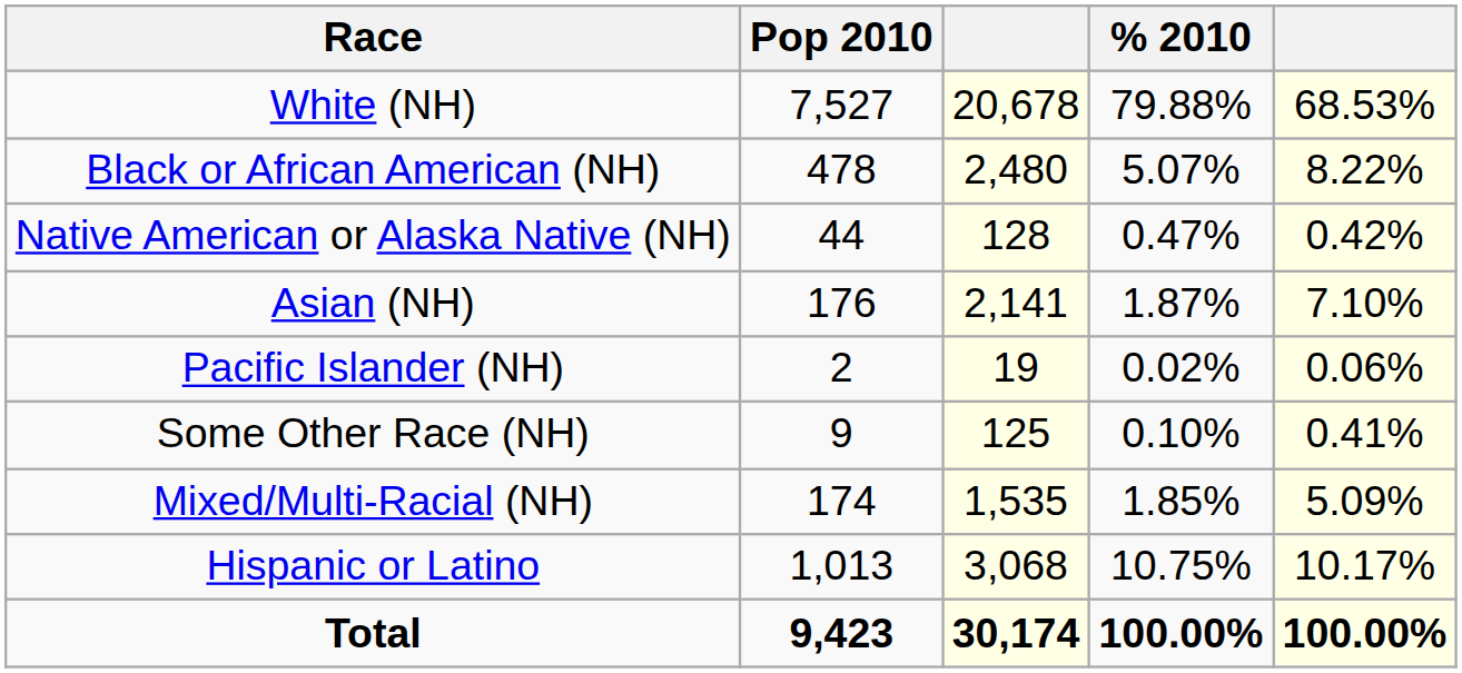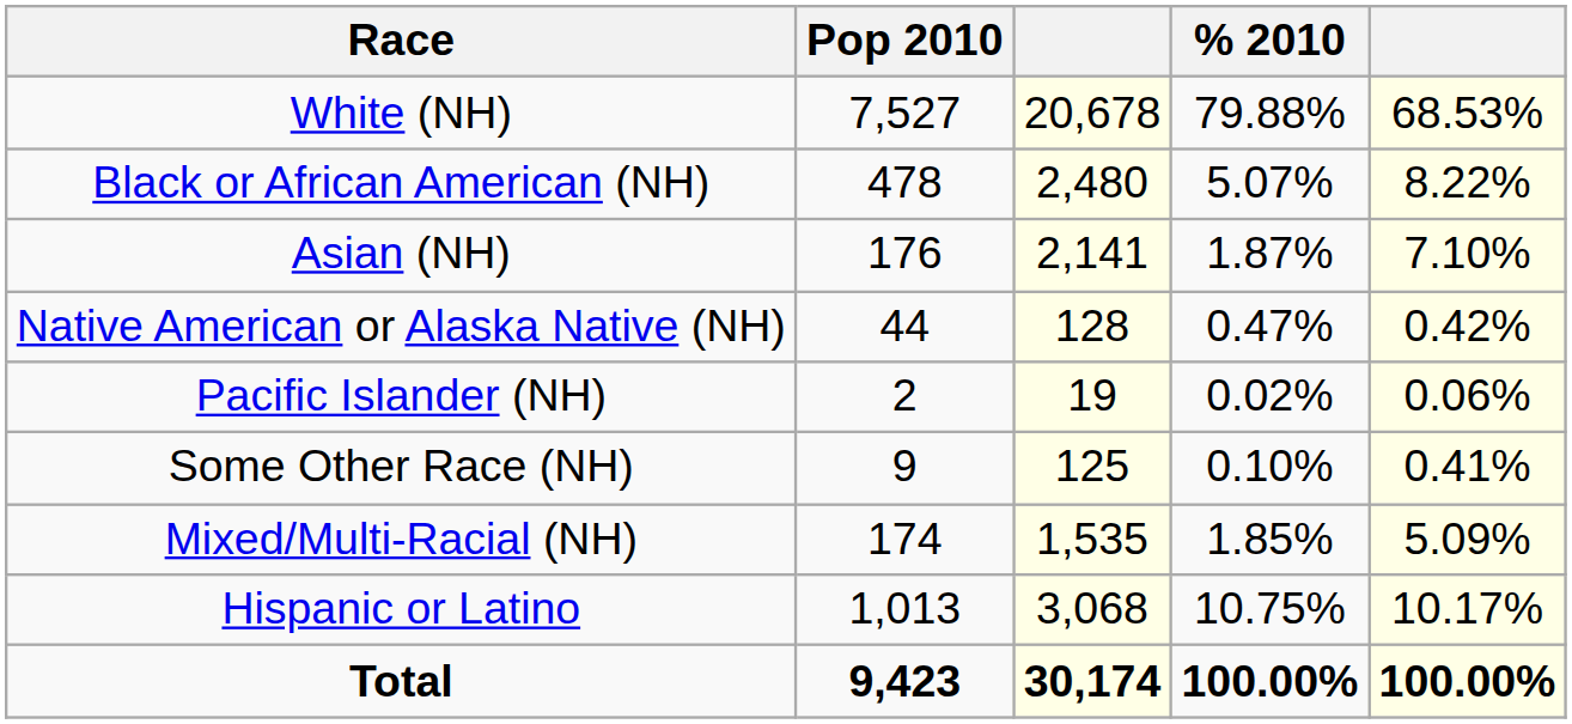 <table class="wikitable" style="text-align:center;">
 <tr>
 <th>Race</th>
 <th>Pop 2010</th>
 <th></th>
 <th>% 2010</th>
 <th></th>
 </tr>
 <tr>
 <td><a href='#'>White</a> (NH)</td>
 <td>7,527</td>
 <td style='background: #ffffe6;'>20,678</td>
 <td>79.88%</td>
 <td style='background: #ffffe6;'>68.53%</td>
 </tr>
 <tr>
 <td><a href='#'>Black or African American</a> (NH)</td>
 <td>478</td>
 <td style='background: #ffffe6;'>2,480</td>
 <td>5.07%</td>
 <td style='background: #ffffe6;'>8.22%</td>
 </tr>
 <tr>
+<td><a href='#'>Asian</a> (NH)</td>
+<td>176</td>
+<td style='background: #ffffe6;'>2,141</td>
+<td>1.87%</td>
+<td style='background: #ffffe6;'>7.10%</td>
+</tr>
+<tr>
 <td><a href='#'>Native American</a> or <a href='#'>Alaska Native</a> (NH)</td>
 <td>44</td>
 <td style='background: #ffffe6;'>128</td>
 <td>0.47%</td>
 <td style='background: #ffffe6;'>0.42%</td>
-</tr>
-<tr>
-<td><a href='#'>Asian</a> (NH)</td>
-<td>176</td>
-<td style='background: #ffffe6;'>2,141</td>
-<td>1.87%</td>
-<td style='background: #ffffe6;'>7.10%</td>
 </tr>
 <tr>
 <td><a href='#'>Pacific Islander</a> (NH)</td>
 <td>2</td>
 <td style='background: #ffffe6;'>19</td>
 <td>0.02%</td>
 <td style='background: #ffffe6;'>0.06%</td>
 </tr>
 <tr>
 <td>Some Other Race (NH)</td>
 <td>9</td>
 <td style='background: #ffffe6;'>125</td>
 <td>0.10%</td>
 <td style='background: #ffffe6;'>0.41%</td>
 </tr>
 <tr>
 <td><a href='#'>Mixed/Multi-Racial</a> (NH)</td>
 <td>174</td>
 <td style='background: #ffffe6;'>1,535</td>
 <td>1.85%</td>
 <td style='background: #ffffe6;'>5.09%</td>
 </tr>
 <tr>
 <td><a href='#'>Hispanic or Latino</a></td>
 <td>1,013</td>
 <td style='background: #ffffe6;'>3,068</td>
 <td>10.75%</td>
 <td style='background: #ffffe6;'>10.17%</td>
 </tr>
 <tr>
 <td><strong>Total</strong></td>
 <td><strong>9,423</strong></td>
 <td style='background: #ffffe6;'><strong>30,174</strong></td>
 <td><strong>100.00%</strong></td>
 <td style='background: #ffffe6;'><strong>100.00%</strong></td>
 </tr>
 </table>
